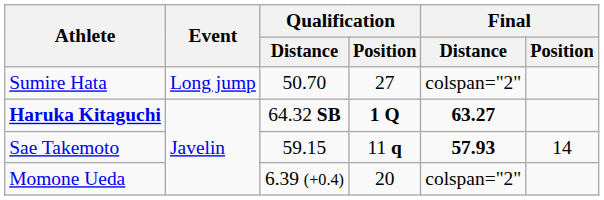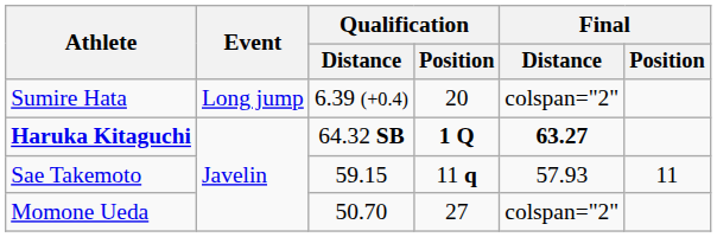 <table class="wikitable" style="font-size:90%">
 <tr>
 <th rowspan="2">Athlete</th>
 <th rowspan="2">Event</th>
 <th colspan="2">Qualification</th>
 <th colspan="2">Final</th>
 </tr>
 <tr style="font-size:95%">
 <th>Distance</th>
 <th>Position</th>
 <th>Distance</th>
 <th>Position</th>
 </tr>
 <tr align="center">
 <td align="left"><a href='#'>Sumire Hata</a></td>
 <td align="left"><a href='#'>Long jump</a></td>
-<td>50.70</td>
-<td>27</td>
+<td>6.39 <small>(+0.4)</small></td>
+<td>20</td>
 <td>colspan="2" </td>
 </tr>
 <tr align="center">
 <td align="left"><strong><a href='#'>Haruka Kitaguchi</a></strong></td>
 <td rowspan="3" align="left"><a href='#'>Javelin</a></td>
 <td>64.32 <strong>SB</strong></td>
 <td><strong>1</strong> <strong>Q</strong></td>
 <td><strong>63.27</strong></td>
 <td></td>
 </tr>
 <tr align="center">
 <td align="left"><a href='#'>Sae Takemoto</a></td>
 <td>59.15</td>
 <td>11 <strong>q</strong></td>
-<td><strong>57.93</strong></td>
-<td>14</td>
+<td>57.93</td>
+<td>11</td>
 </tr>
 <tr align="center">
 <td align="left"><a href='#'>Momone Ueda</a></td>
-<td>6.39 <small>(+0.4)</small></td>
-<td>20</td>
+<td>50.70</td>
+<td>27</td>
 <td>colspan="2" </td>
 </tr>
 </table>
